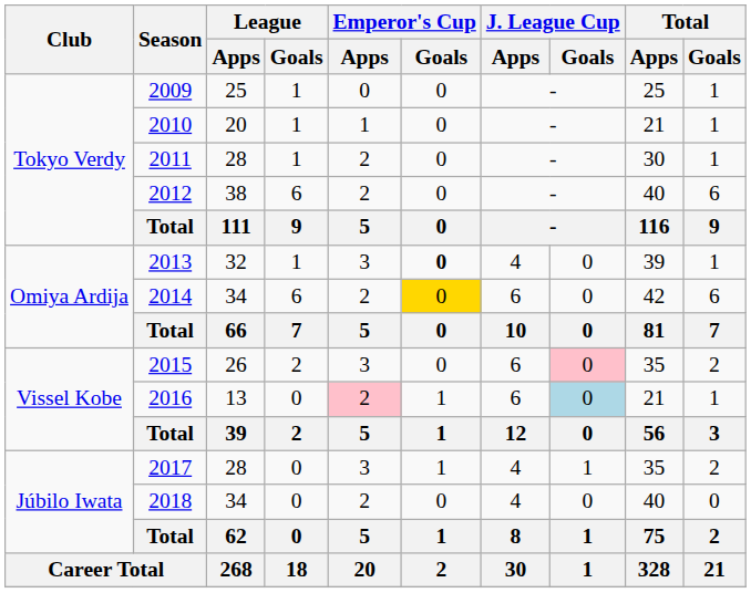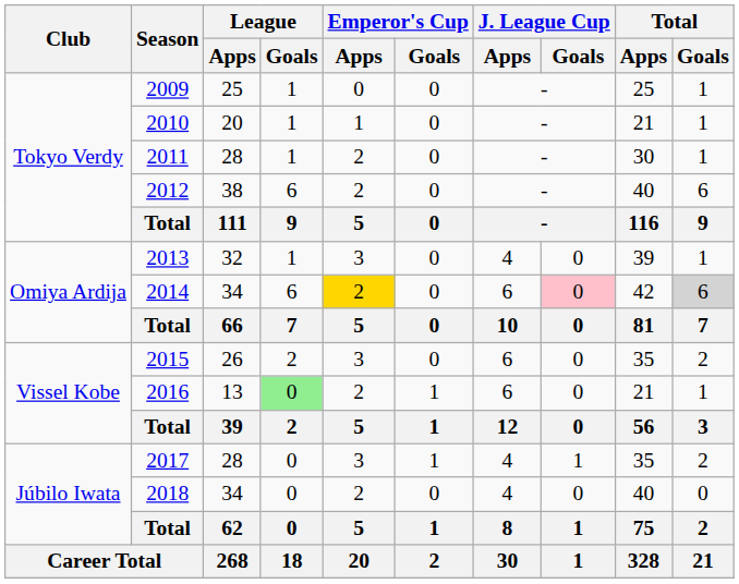 <table class="wikitable" style="text-align:center;">
 <tr>
 <th rowspan="2">Club</th>
 <th rowspan="2">Season</th>
 <th colspan="2">League</th>
 <th colspan="2"><a href='#'>Emperor's Cup</a></th>
 <th colspan="2"><a href='#'>J. League Cup</a></th>
 <th colspan="2">Total</th>
 </tr>
 <tr>
 <th>Apps</th>
 <th>Goals</th>
 <th>Apps</th>
 <th>Goals</th>
 <th>Apps</th>
 <th>Goals</th>
 <th>Apps</th>
 <th>Goals</th>
 </tr>
 <tr>
 <td rowspan="5"><a href='#'>Tokyo Verdy</a></td>
 <td><a href='#'>2009</a></td>
 <td>25</td>
 <td>1</td>
 <td>0</td>
 <td>0</td>
 <td colspan="2">-</td>
 <td>25</td>
 <td>1</td>
 </tr>
 <tr>
 <td><a href='#'>2010</a></td>
 <td>20</td>
 <td>1</td>
 <td>1</td>
 <td>0</td>
 <td colspan="2">-</td>
 <td>21</td>
 <td>1</td>
 </tr>
 <tr>
 <td><a href='#'>2011</a></td>
 <td>28</td>
 <td>1</td>
 <td>2</td>
 <td>0</td>
 <td colspan="2">-</td>
 <td>30</td>
 <td>1</td>
 </tr>
 <tr>
 <td><a href='#'>2012</a></td>
 <td>38</td>
 <td>6</td>
 <td>2</td>
 <td>0</td>
 <td colspan="2">-</td>
 <td>40</td>
 <td>6</td>
 </tr>
 <tr>
 <th colspan="1">Total</th>
 <th>111</th>
 <th>9</th>
 <th>5</th>
 <th>0</th>
 <th colspan="2">-</th>
 <th>116</th>
 <th>9</th>
 </tr>
 <tr>
 <td rowspan="3"><a href='#'>Omiya Ardija</a></td>
 <td><a href='#'>2013</a></td>
 <td>32</td>
 <td>1</td>
 <td>3</td>
-<td><strong>0</strong></td>
+<td>0</td>
 <td>4</td>
 <td>0</td>
 <td>39</td>
 <td>1</td>
 </tr>
 <tr>
 <td><a href='#'>2014</a></td>
 <td>34</td>
 <td>6</td>
-<td>2</td>
-<td style="background: gold;">0</td>
+<td style="background: gold;">2</td>
+<td>0</td>
 <td>6</td>
-<td>0</td>
+<td style="background: pink;">0</td>
 <td>42</td>
-<td>6</td>
+<td style="background: lightgrey;">6</td>
 </tr>
 <tr>
 <th colspan="1">Total</th>
 <th>66</th>
 <th>7</th>
 <th>5</th>
 <th>0</th>
 <th>10</th>
 <th>0</th>
 <th>81</th>
 <th>7</th>
 </tr>
 <tr>
 <td rowspan="3"><a href='#'>Vissel Kobe</a></td>
 <td><a href='#'>2015</a></td>
 <td>26</td>
 <td>2</td>
 <td>3</td>
 <td>0</td>
 <td>6</td>
-<td style="background: pink;">0</td>
+<td>0</td>
 <td>35</td>
 <td>2</td>
 </tr>
 <tr>
 <td><a href='#'>2016</a></td>
 <td>13</td>
-<td>0</td>
-<td style="background: pink;">2</td>
+<td style="background: lightgreen;">0</td>
+<td>2</td>
 <td>1</td>
 <td>6</td>
-<td style="background: lightblue;">0</td>
+<td>0</td>
 <td>21</td>
 <td>1</td>
 </tr>
 <tr>
 <th colspan="1">Total</th>
 <th>39</th>
 <th>2</th>
 <th>5</th>
 <th>1</th>
 <th>12</th>
 <th>0</th>
 <th>56</th>
 <th>3</th>
 </tr>
 <tr>
 <td rowspan="3"><a href='#'>Júbilo Iwata</a></td>
 <td><a href='#'>2017</a></td>
 <td>28</td>
 <td>0</td>
 <td>3</td>
 <td>1</td>
 <td>4</td>
 <td>1</td>
 <td>35</td>
 <td>2</td>
 </tr>
 <tr>
 <td><a href='#'>2018</a></td>
 <td>34</td>
 <td>0</td>
 <td>2</td>
 <td>0</td>
 <td>4</td>
 <td>0</td>
 <td>40</td>
 <td>0</td>
 </tr>
 <tr>
 <th colspan="1">Total</th>
 <th>62</th>
 <th>0</th>
 <th>5</th>
 <th>1</th>
 <th>8</th>
 <th>1</th>
 <th>75</th>
 <th>2</th>
 </tr>
 <tr>
 <th colspan="2">Career Total</th>
 <th>268</th>
 <th>18</th>
 <th>20</th>
 <th>2</th>
 <th>30</th>
 <th>1</th>
 <th>328</th>
 <th>21</th>
 </tr>
 <tr>
 </tr>
 </table>
